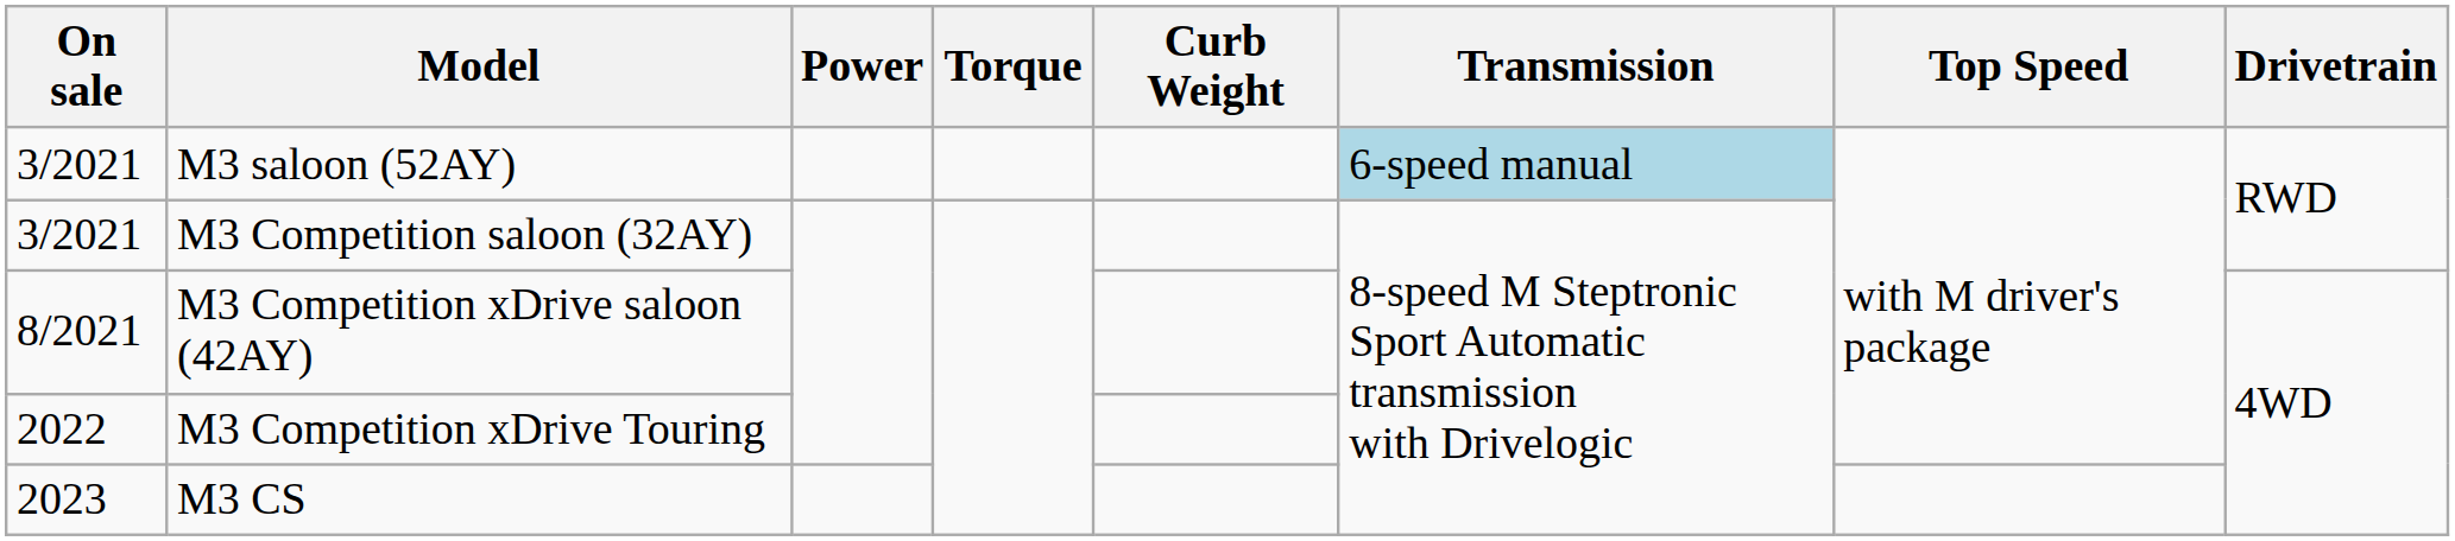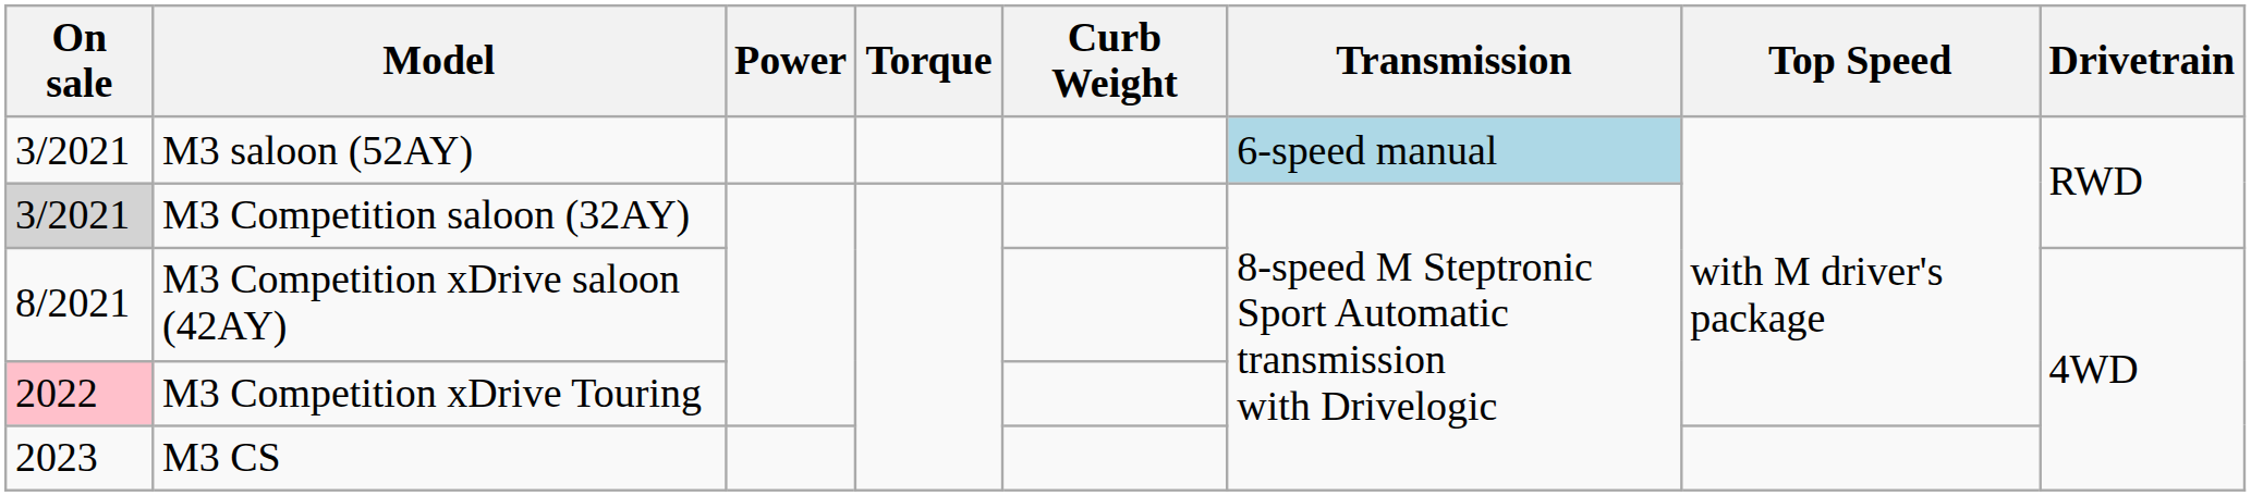 <table class="wikitable mw-collapsible">
 <tr>
 <th>On sale</th>
 <th>Model</th>
 <th>Power</th>
 <th>Torque</th>
 <th>Curb Weight</th>
 <th>Transmission</th>
 <th>Top Speed</th>
 <th>Drivetrain</th>
 </tr>
 <tr>
 <td>3/2021</td>
 <td>M3 saloon (52AY)</td>
 <td></td>
 <td></td>
 <td></td>
 <td style="background: lightblue;">6-speed manual</td>
 <td rowspan=4><br> with M driver's package</td>
 <td rowspan=2>RWD</td>
 </tr>
 <tr>
-<td>3/2021</td>
+<td style="background: lightgrey;">3/2021</td>
 <td>M3 Competition saloon (32AY)</td>
 <td rowspan=3></td>
 <td rowspan=4></td>
 <td></td>
 <td rowspan=4>8-speed M Steptronic<br>Sport Automatic transmission<br>with Drivelogic</td>
 </tr>
 <tr>
 <td>8/2021</td>
 <td>M3 Competition xDrive saloon (42AY)</td>
 <td></td>
 <td rowspan=3>4WD</td>
 </tr>
 <tr>
-<td>2022</td>
+<td style="background: pink;">2022</td>
 <td>M3 Competition xDrive Touring</td>
 <td></td>
 </tr>
 <tr>
 <td>2023</td>
 <td>M3 CS</td>
 <td></td>
 <td></td>
 <td></td>
 </tr>
 </table>
